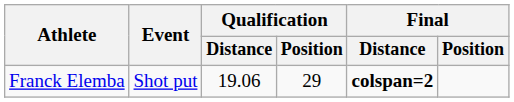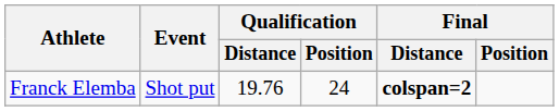 <table class=wikitable style=font-size:90%>
 <tr>
 <th rowspan=2>Athlete</th>
 <th rowspan=2>Event</th>
 <th colspan=2>Qualification</th>
 <th colspan=2>Final</th>
 </tr>
 <tr style=font-size:95%>
 <th>Distance</th>
 <th>Position</th>
 <th>Distance</th>
 <th>Position</th>
 </tr>
 <tr align=center>
 <td align=left><a href='#'>Franck Elemba</a></td>
 <td align=left><a href='#'>Shot put</a></td>
-<td>19.06 </td>
-<td>29</td>
+<td>19.76 </td>
+<td>24</td>
 <td><strong>colspan=2 </strong></td>
 </tr>
 </table>
